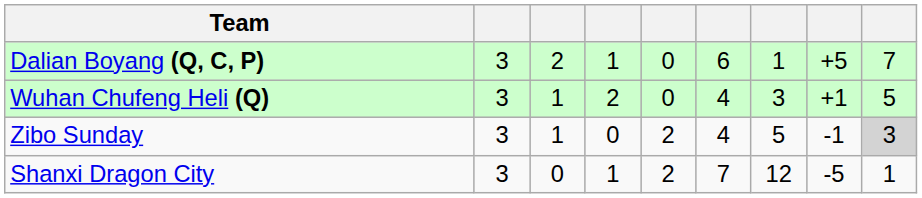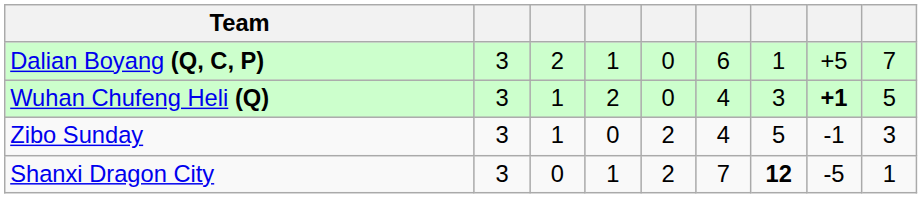 <table class="wikitable" style="text-align:center;">
 <tr>
 <th width=310>Team</th>
 <th width=30></th>
 <th width=30></th>
 <th width=30></th>
 <th width=30></th>
 <th width=30></th>
 <th width=30></th>
 <th width=30></th>
 <th width=30></th>
 </tr>
 <tr bgcolor="#ccffcc">
 <td align="left"><a href='#'>Dalian Boyang</a> <strong>(Q, C, P)</strong></td>
 <td>3</td>
 <td>2</td>
 <td>1</td>
 <td>0</td>
 <td>6</td>
 <td>1</td>
 <td>+5</td>
 <td>7</td>
 </tr>
 <tr bgcolor="#ccffcc">
 <td align="left"><a href='#'>Wuhan Chufeng Heli</a> <strong>(Q)</strong></td>
 <td>3</td>
 <td>1</td>
 <td>2</td>
 <td>0</td>
 <td>4</td>
 <td>3</td>
-<td>+1</td>
+<td><strong>+1</strong></td>
 <td>5</td>
 </tr>
 <tr>
 <td align="left"><a href='#'>Zibo Sunday</a></td>
 <td>3</td>
 <td>1</td>
 <td>0</td>
 <td>2</td>
 <td>4</td>
 <td>5</td>
 <td>-1</td>
-<td style="background: lightgrey;">3</td>
+<td>3</td>
 </tr>
 <tr>
 <td align="left"><a href='#'>Shanxi Dragon City</a></td>
 <td>3</td>
 <td>0</td>
 <td>1</td>
 <td>2</td>
 <td>7</td>
-<td>12</td>
+<td><strong>12</strong></td>
 <td>-5</td>
 <td>1</td>
 </tr>
 </table>
